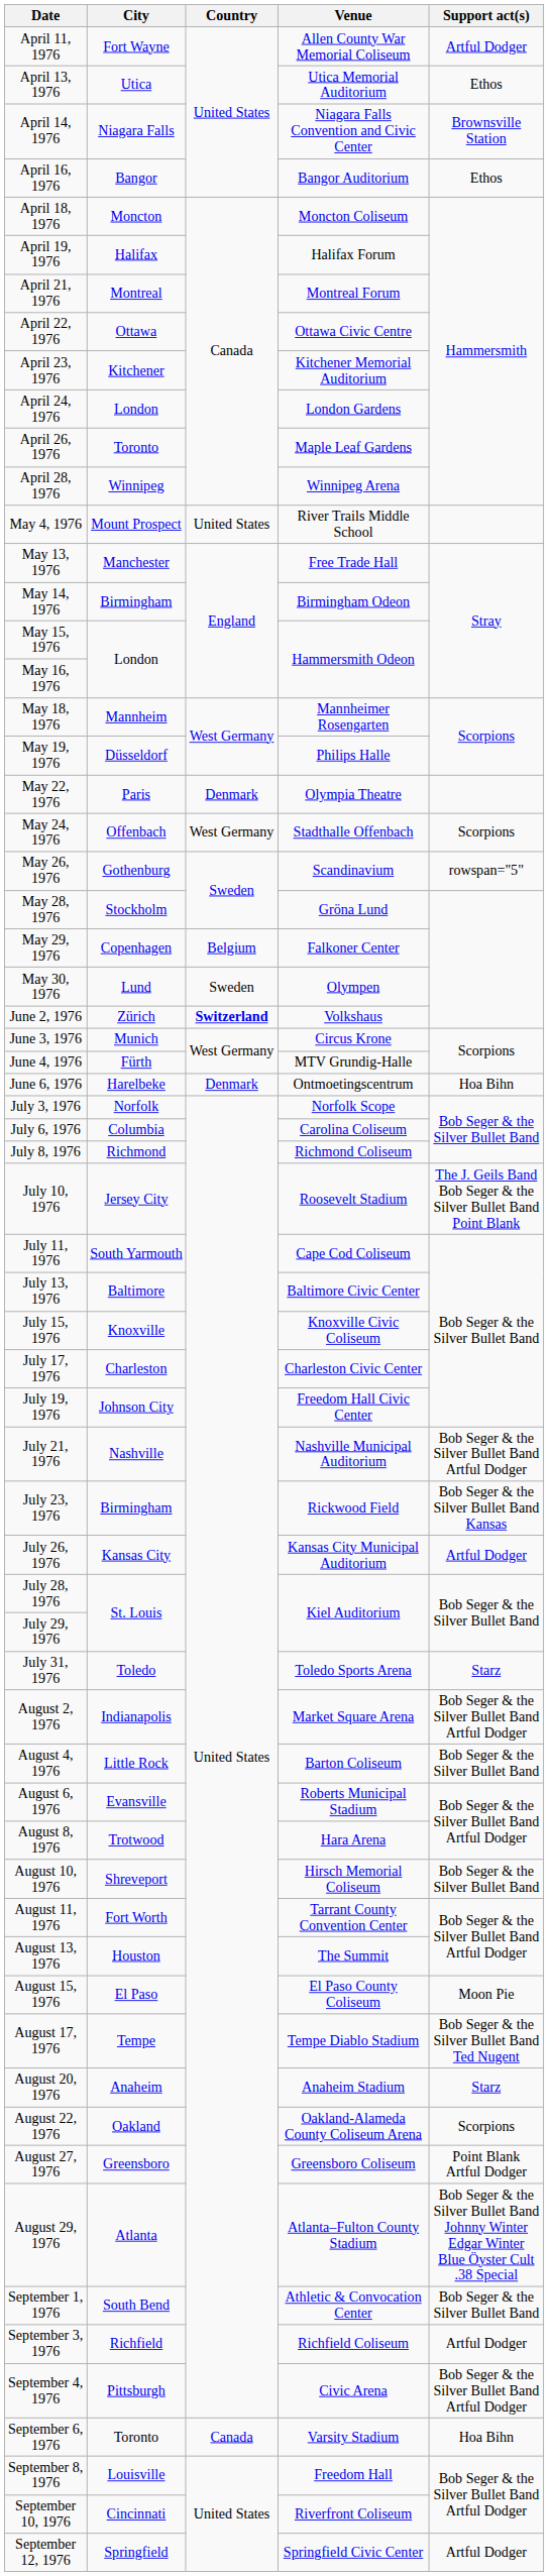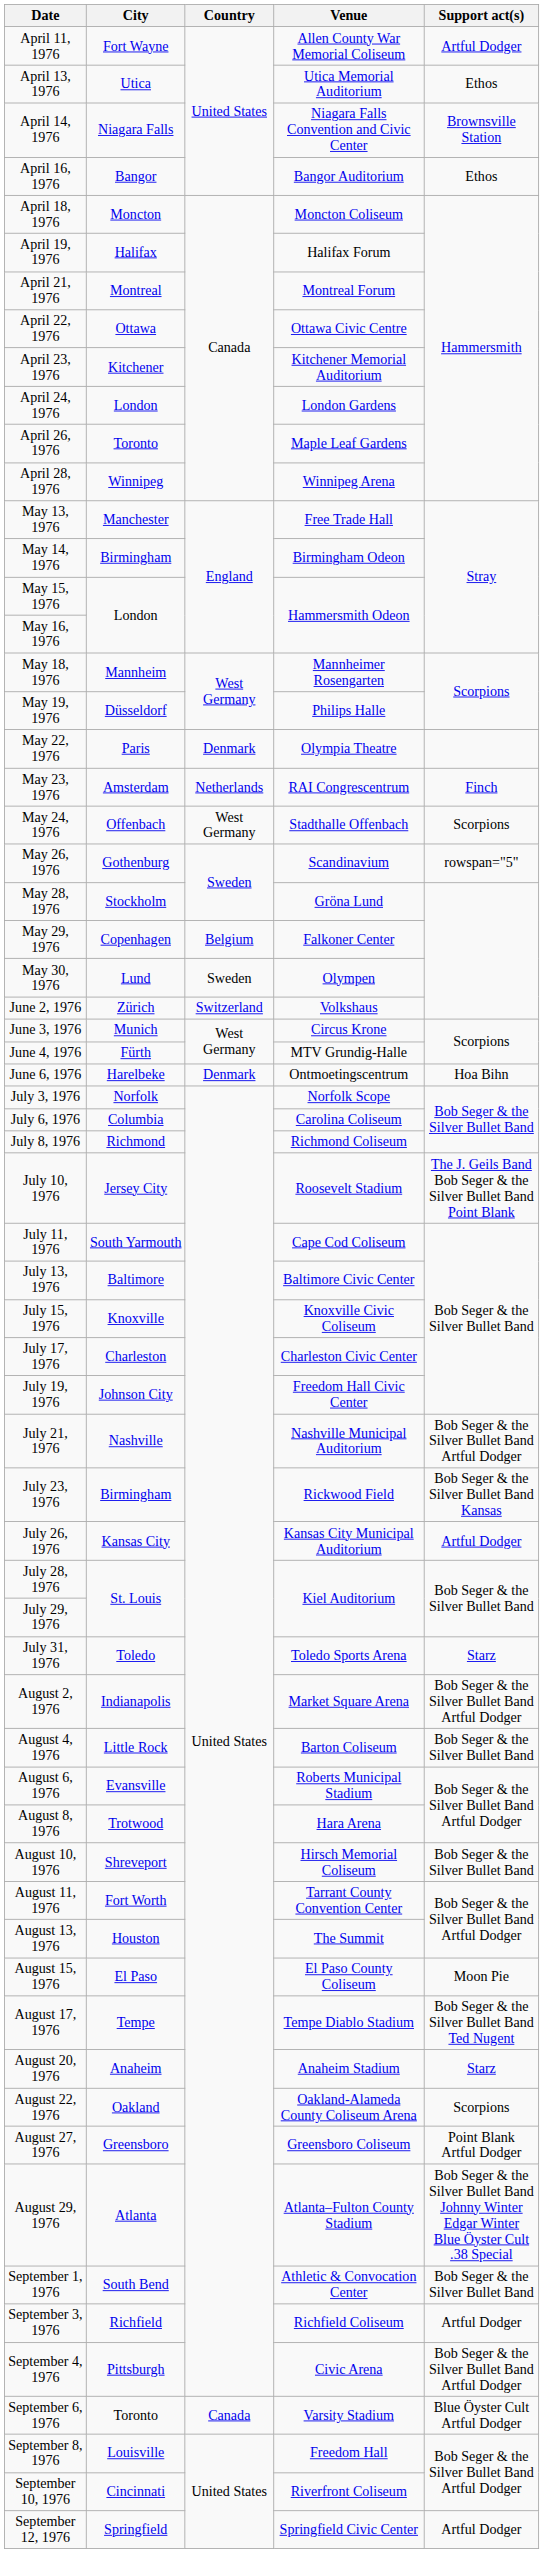 <table class="wikitable plainrowheaders" style="text-align:center;">
 <tr>
 <th scope="col" style="width:10em;">Date</th>
 <th scope="col" style="width:13em;">City</th>
 <th scope="col" style="width:10em;">Country</th>
 <th scope="col" style="width:18em;">Venue</th>
 <th scope="col" style="width:16em;">Support act(s)</th>
 </tr>
 <tr>
 <td>April 11, 1976</td>
 <td><a href='#'>Fort Wayne</a></td>
 <td rowspan="4"><a href='#'>United States</a></td>
 <td><a href='#'>Allen County War Memorial Coliseum</a></td>
 <td><a href='#'>Artful Dodger</a></td>
 </tr>
 <tr>
 <td>April 13, 1976</td>
 <td><a href='#'>Utica</a></td>
 <td><a href='#'>Utica Memorial Auditorium</a></td>
 <td>Ethos</td>
 </tr>
 <tr>
 <td>April 14, 1976</td>
 <td><a href='#'>Niagara Falls</a></td>
 <td><a href='#'>Niagara Falls Convention and Civic Center</a></td>
 <td><a href='#'>Brownsville Station</a></td>
 </tr>
 <tr>
 <td>April 16, 1976</td>
 <td><a href='#'>Bangor</a></td>
 <td><a href='#'>Bangor Auditorium</a></td>
 <td>Ethos</td>
 </tr>
 <tr>
 <td>April 18, 1976</td>
 <td><a href='#'>Moncton</a></td>
 <td rowspan="8">Canada</td>
 <td><a href='#'>Moncton Coliseum</a></td>
 <td rowspan="8"><a href='#'>Hammersmith</a></td>
 </tr>
 <tr>
 <td>April 19, 1976</td>
 <td><a href='#'>Halifax</a></td>
 <td>Halifax Forum</td>
 </tr>
 <tr>
 <td>April 21, 1976</td>
 <td><a href='#'>Montreal</a></td>
 <td><a href='#'>Montreal Forum</a></td>
 </tr>
 <tr>
 <td>April 22, 1976</td>
 <td><a href='#'>Ottawa</a></td>
 <td><a href='#'>Ottawa Civic Centre</a></td>
 </tr>
 <tr>
 <td>April 23, 1976</td>
 <td><a href='#'>Kitchener</a></td>
 <td><a href='#'>Kitchener Memorial Auditorium</a></td>
 </tr>
 <tr>
 <td>April 24, 1976</td>
 <td><a href='#'>London</a></td>
 <td><a href='#'>London Gardens</a></td>
 </tr>
 <tr>
 <td>April 26, 1976</td>
 <td><a href='#'>Toronto</a></td>
 <td><a href='#'>Maple Leaf Gardens</a></td>
 </tr>
 <tr>
 <td>April 28, 1976</td>
 <td><a href='#'>Winnipeg</a></td>
 <td><a href='#'>Winnipeg Arena</a></td>
 </tr>
 <tr>
-<td>May 4, 1976</td>
-<td><a href='#'>Mount Prospect</a></td>
-<td>United States</td>
-<td>River Trails Middle School</td>
-<td></td>
-</tr>
-<tr>
 <td>May 13, 1976</td>
 <td><a href='#'>Manchester</a></td>
 <td rowspan="4"><a href='#'>England</a></td>
 <td><a href='#'>Free Trade Hall</a></td>
 <td rowspan="4"><a href='#'>Stray</a></td>
 </tr>
 <tr>
 <td>May 14, 1976</td>
 <td><a href='#'>Birmingham</a></td>
 <td><a href='#'>Birmingham Odeon</a></td>
 </tr>
 <tr>
 <td>May 15, 1976</td>
 <td rowspan="2">London</td>
 <td rowspan="2"><a href='#'>Hammersmith Odeon</a></td>
 </tr>
 <tr>
 <td>May 16, 1976</td>
 </tr>
 <tr>
 <td>May 18, 1976</td>
 <td><a href='#'>Mannheim</a></td>
 <td rowspan="2"><a href='#'>West Germany</a></td>
 <td><a href='#'>Mannheimer Rosengarten</a></td>
 <td rowspan="2"><a href='#'>Scorpions</a></td>
 </tr>
 <tr>
 <td>May 19, 1976</td>
 <td><a href='#'>Düsseldorf</a></td>
 <td><a href='#'>Philips Halle</a></td>
 </tr>
 <tr>
 <td>May 22, 1976</td>
 <td><a href='#'>Paris</a></td>
 <td><a href='#'>Denmark</a></td>
 <td><a href='#'>Olympia Theatre</a></td>
 <td></td>
 </tr>
 <tr>
+<td>May 23, 1976</td>
+<td><a href='#'>Amsterdam</a></td>
+<td><a href='#'>Netherlands</a></td>
+<td><a href='#'>RAI Congrescentrum</a></td>
+<td><a href='#'>Finch</a></td>
+</tr>
+<tr>
 <td>May 24, 1976</td>
 <td><a href='#'>Offenbach</a></td>
 <td>West Germany</td>
 <td><a href='#'>Stadthalle Offenbach</a></td>
 <td>Scorpions</td>
 </tr>
 <tr>
 <td>May 26, 1976</td>
 <td><a href='#'>Gothenburg</a></td>
 <td rowspan="2"><a href='#'>Sweden</a></td>
 <td><a href='#'>Scandinavium</a></td>
 <td>rowspan="5" </td>
 </tr>
 <tr>
 <td>May 28, 1976</td>
 <td><a href='#'>Stockholm</a></td>
 <td><a href='#'>Gröna Lund</a></td>
 </tr>
 <tr>
 <td>May 29, 1976</td>
 <td><a href='#'>Copenhagen</a></td>
 <td><a href='#'>Belgium</a></td>
 <td><a href='#'>Falkoner Center</a></td>
 </tr>
 <tr>
 <td>May 30, 1976</td>
 <td><a href='#'>Lund</a></td>
 <td>Sweden</td>
 <td><a href='#'>Olympen</a></td>
 </tr>
 <tr>
 <td>June 2, 1976</td>
 <td><a href='#'>Zürich</a></td>
-<td><strong><a href='#'>Switzerland</a></strong></td>
+<td><a href='#'>Switzerland</a></td>
 <td><a href='#'>Volkshaus</a></td>
 </tr>
 <tr>
 <td>June 3, 1976</td>
 <td><a href='#'>Munich</a></td>
 <td rowspan="2">West Germany</td>
 <td><a href='#'>Circus Krone</a></td>
 <td rowspan="2">Scorpions</td>
 </tr>
 <tr>
 <td>June 4, 1976</td>
 <td><a href='#'>Fürth</a></td>
 <td>MTV Grundig-Halle</td>
 </tr>
 <tr>
 <td>June 6, 1976</td>
 <td><a href='#'>Harelbeke</a></td>
 <td><a href='#'>Denmark</a></td>
 <td>Ontmoetingscentrum</td>
 <td>Hoa Bihn</td>
 </tr>
 <tr>
 <td>July 3, 1976</td>
 <td><a href='#'>Norfolk</a></td>
 <td rowspan="31">United States</td>
 <td><a href='#'>Norfolk Scope</a></td>
 <td rowspan="3"><a href='#'>Bob Seger & the Silver Bullet Band</a></td>
 </tr>
 <tr>
 <td>July 6, 1976</td>
 <td><a href='#'>Columbia</a></td>
 <td><a href='#'>Carolina Coliseum</a></td>
 </tr>
 <tr>
 <td>July 8, 1976</td>
 <td><a href='#'>Richmond</a></td>
 <td><a href='#'>Richmond Coliseum</a></td>
 </tr>
 <tr>
 <td>July 10, 1976</td>
 <td><a href='#'>Jersey City</a></td>
 <td><a href='#'>Roosevelt Stadium</a></td>
 <td><a href='#'>The J. Geils Band</a><br>Bob Seger & the Silver Bullet Band<br><a href='#'>Point Blank</a></td>
 </tr>
 <tr>
 <td>July 11, 1976</td>
 <td><a href='#'>South Yarmouth</a></td>
 <td><a href='#'>Cape Cod Coliseum</a></td>
 <td rowspan="5">Bob Seger & the Silver Bullet Band</td>
 </tr>
 <tr>
 <td>July 13, 1976</td>
 <td><a href='#'>Baltimore</a></td>
 <td><a href='#'>Baltimore Civic Center</a></td>
 </tr>
 <tr>
 <td>July 15, 1976</td>
 <td><a href='#'>Knoxville</a></td>
 <td><a href='#'>Knoxville Civic Coliseum</a></td>
 </tr>
 <tr>
 <td>July 17, 1976</td>
 <td><a href='#'>Charleston</a></td>
 <td><a href='#'>Charleston Civic Center</a></td>
 </tr>
 <tr>
 <td>July 19, 1976</td>
 <td><a href='#'>Johnson City</a></td>
 <td><a href='#'>Freedom Hall Civic Center</a></td>
 </tr>
 <tr>
 <td>July 21, 1976</td>
 <td><a href='#'>Nashville</a></td>
 <td><a href='#'>Nashville Municipal Auditorium</a></td>
 <td>Bob Seger & the Silver Bullet Band<br>Artful Dodger</td>
 </tr>
 <tr>
 <td>July 23, 1976</td>
 <td><a href='#'>Birmingham</a></td>
 <td><a href='#'>Rickwood Field</a></td>
 <td>Bob Seger & the Silver Bullet Band<br><a href='#'>Kansas</a></td>
 </tr>
 <tr>
 <td>July 26, 1976</td>
 <td><a href='#'>Kansas City</a></td>
 <td><a href='#'>Kansas City Municipal Auditorium</a></td>
 <td><a href='#'>Artful Dodger</a></td>
 </tr>
 <tr>
 <td>July 28, 1976</td>
 <td rowspan="2"><a href='#'>St. Louis</a></td>
 <td rowspan="2"><a href='#'>Kiel Auditorium</a></td>
 <td rowspan="2">Bob Seger & the Silver Bullet Band</td>
 </tr>
 <tr>
 <td>July 29, 1976</td>
 </tr>
 <tr>
 <td>July 31, 1976</td>
 <td><a href='#'>Toledo</a></td>
 <td><a href='#'>Toledo Sports Arena</a></td>
 <td><a href='#'>Starz</a></td>
 </tr>
 <tr>
 <td>August 2, 1976</td>
 <td><a href='#'>Indianapolis</a></td>
 <td><a href='#'>Market Square Arena</a></td>
 <td>Bob Seger & the Silver Bullet Band<br>Artful Dodger</td>
 </tr>
 <tr>
 <td>August 4, 1976</td>
 <td><a href='#'>Little Rock</a></td>
 <td><a href='#'>Barton Coliseum</a></td>
 <td>Bob Seger & the Silver Bullet Band</td>
 </tr>
 <tr>
 <td>August 6, 1976</td>
 <td><a href='#'>Evansville</a></td>
 <td><a href='#'>Roberts Municipal Stadium</a></td>
 <td rowspan="2">Bob Seger & the Silver Bullet Band<br>Artful Dodger</td>
 </tr>
 <tr>
 <td>August 8, 1976</td>
 <td><a href='#'>Trotwood</a></td>
 <td><a href='#'>Hara Arena</a></td>
 </tr>
 <tr>
 <td>August 10, 1976</td>
 <td><a href='#'>Shreveport</a></td>
 <td><a href='#'>Hirsch Memorial Coliseum</a></td>
 <td>Bob Seger & the Silver Bullet Band</td>
 </tr>
 <tr>
 <td>August 11, 1976</td>
 <td><a href='#'>Fort Worth</a></td>
 <td><a href='#'>Tarrant County Convention Center</a></td>
 <td rowspan="2">Bob Seger & the Silver Bullet Band<br>Artful Dodger</td>
 </tr>
 <tr>
 <td>August 13, 1976</td>
 <td><a href='#'>Houston</a></td>
 <td><a href='#'>The Summit</a></td>
 </tr>
 <tr>
 <td>August 15, 1976</td>
 <td><a href='#'>El Paso</a></td>
 <td><a href='#'>El Paso County Coliseum</a></td>
 <td>Moon Pie</td>
 </tr>
 <tr>
 <td>August 17, 1976</td>
 <td><a href='#'>Tempe</a></td>
 <td><a href='#'>Tempe Diablo Stadium</a></td>
 <td>Bob Seger & the Silver Bullet Band<br><a href='#'>Ted Nugent</a></td>
 </tr>
 <tr>
 <td>August 20, 1976</td>
 <td><a href='#'>Anaheim</a></td>
 <td><a href='#'>Anaheim Stadium</a></td>
 <td><a href='#'>Starz</a></td>
 </tr>
 <tr>
 <td>August 22, 1976</td>
 <td><a href='#'>Oakland</a></td>
 <td><a href='#'>Oakland-Alameda County Coliseum Arena</a></td>
 <td>Scorpions</td>
 </tr>
 <tr>
 <td>August 27, 1976</td>
 <td><a href='#'>Greensboro</a></td>
 <td><a href='#'>Greensboro Coliseum</a></td>
 <td>Point Blank<br>Artful Dodger</td>
 </tr>
 <tr>
 <td>August 29, 1976</td>
 <td><a href='#'>Atlanta</a></td>
 <td><a href='#'>Atlanta–Fulton County Stadium</a></td>
 <td>Bob Seger & the Silver Bullet Band<br><a href='#'>Johnny Winter</a><br><a href='#'>Edgar Winter</a><br><a href='#'>Blue Öyster Cult</a><br><a href='#'>.38 Special</a></td>
 </tr>
 <tr>
 <td>September 1, 1976</td>
 <td><a href='#'>South Bend</a></td>
 <td><a href='#'>Athletic & Convocation Center</a></td>
 <td>Bob Seger & the Silver Bullet Band</td>
 </tr>
 <tr>
 <td>September 3, 1976</td>
 <td><a href='#'>Richfield</a></td>
 <td><a href='#'>Richfield Coliseum</a></td>
 <td>Artful Dodger</td>
 </tr>
 <tr>
 <td>September 4, 1976</td>
 <td><a href='#'>Pittsburgh</a></td>
 <td><a href='#'>Civic Arena</a></td>
 <td>Bob Seger & the Silver Bullet Band<br>Artful Dodger</td>
 </tr>
 <tr>
 <td>September 6, 1976</td>
 <td>Toronto</td>
 <td><a href='#'>Canada</a></td>
 <td><a href='#'>Varsity Stadium</a></td>
-<td>Hoa Bihn</td>
+<td>Blue Öyster Cult<br>Artful Dodger</td>
 </tr>
 <tr>
 <td>September 8, 1976</td>
 <td><a href='#'>Louisville</a></td>
 <td rowspan="3">United States</td>
 <td><a href='#'>Freedom Hall</a></td>
 <td rowspan="2">Bob Seger & the Silver Bullet Band<br>Artful Dodger</td>
 </tr>
 <tr>
 <td>September 10, 1976</td>
 <td><a href='#'>Cincinnati</a></td>
 <td><a href='#'>Riverfront Coliseum</a></td>
 </tr>
 <tr>
 <td>September 12, 1976</td>
 <td><a href='#'>Springfield</a></td>
 <td><a href='#'>Springfield Civic Center</a></td>
 <td>Artful Dodger</td>
 </tr>
 </table>
